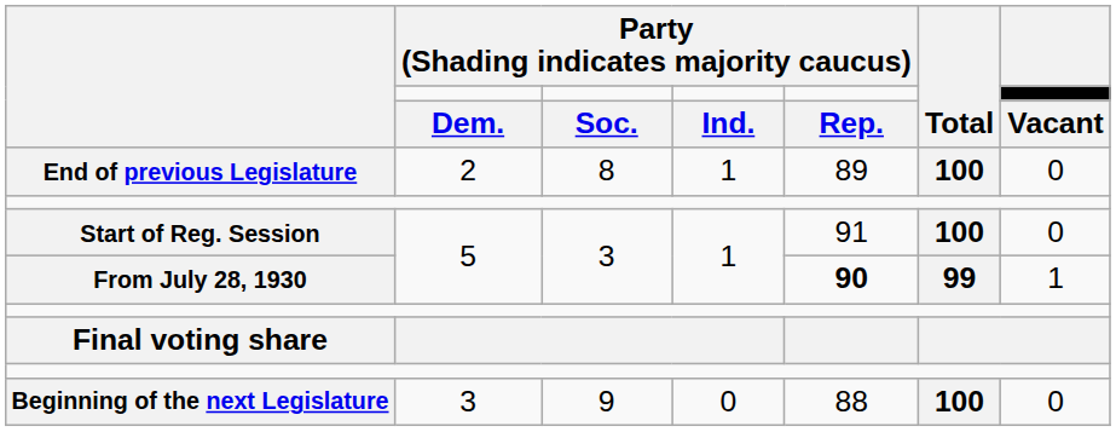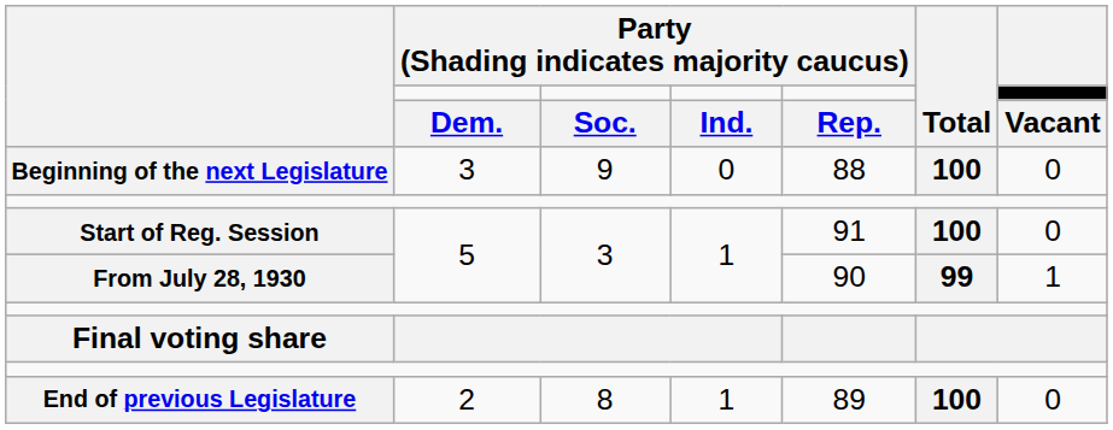 <table class=wikitable style="text-align:center">
 <tr style="vertical-align:bottom;">
 <th rowspan=3></th>
 <th colspan=4>Party <div>(Shading indicates majority caucus)</div></th>
 <th rowspan=3>Total</th>
 <th></th>
 </tr>
 <tr style="height:5px">
 <td style="background-color:"></td>
 <td style="background-color:"></td>
 <td style="background-color:"></td>
 <td style="background-color:"></td>
 <td style="background:black;"></td>
 </tr>
 <tr>
 <th><a href='#'>Dem.</a></th>
 <th><a href='#'>Soc.</a></th>
 <th><a href='#'>Ind.</a></th>
 <th><a href='#'>Rep.</a></th>
 <th>Vacant</th>
 </tr>
 <tr>
-<th style="font-size:80%;">End of <a href='#'>previous Legislature</a></th>
-<td>2</td>
-<td>8</td>
-<td>1</td>
-<td>89</td>
+<th style="font-size:80%;">Beginning of the <a href='#'>next Legislature</a></th>
+<td>3</td>
+<td>9</td>
+<td>0</td>
+<td>88</td>
 <th>100</th>
 <td>0</td>
 </tr>
 <tr>
 <td colspan=7></td>
 </tr>
 <tr>
 <th style="font-size:80%;">Start of Reg. Session</th>
 <td rowspan="2">5</td>
 <td rowspan="2">3</td>
 <td rowspan="2">1</td>
 <td>91</td>
 <th>100</th>
 <td>0</td>
 </tr>
 <tr>
 <th style="font-size:80%;">From July 28, 1930</th>
-<td><strong>90</strong></td>
+<td>90</td>
 <th>99</th>
 <td>1</td>
 </tr>
 <tr>
 <td colspan=7></td>
 </tr>
 <tr>
 <th>Final voting share</th>
 <th colspan=3></th>
 <th></th>
 <th colspan=2></th>
 </tr>
 <tr>
 <td colspan=7></td>
 </tr>
 <tr>
-<th style="font-size:80%;">Beginning of the <a href='#'>next Legislature</a></th>
-<td>3</td>
-<td>9</td>
-<td>0</td>
-<td>88</td>
+<th style="font-size:80%;">End of <a href='#'>previous Legislature</a></th>
+<td>2</td>
+<td>8</td>
+<td>1</td>
+<td>89</td>
 <th>100</th>
 <td>0</td>
 </tr>
 </table>
